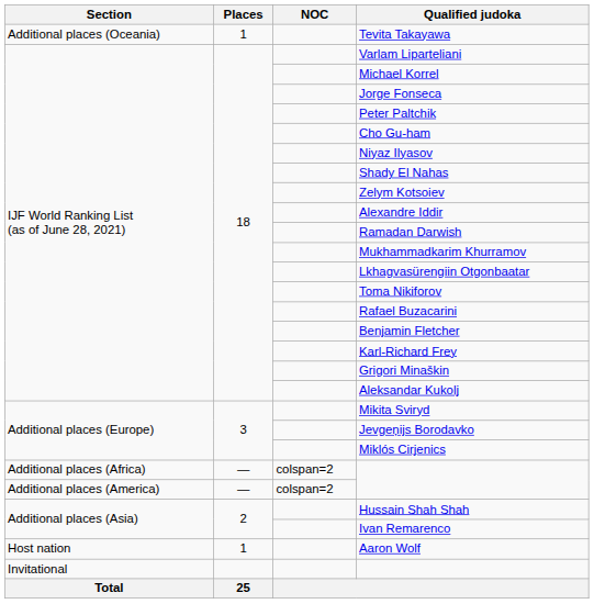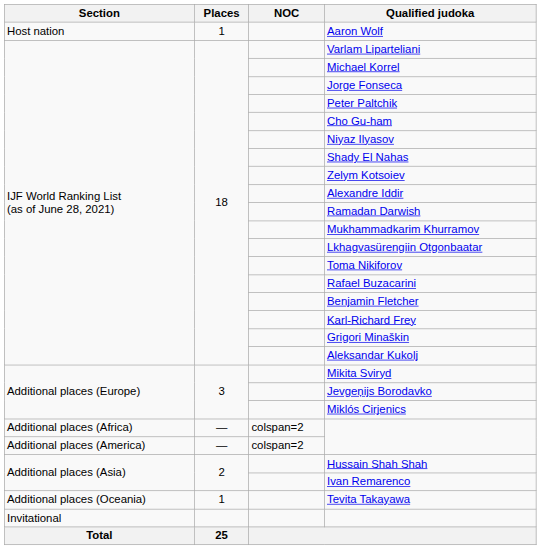 <table class="wikitable"  width=750>
 <tr>
 <th>Section</th>
 <th>Places</th>
 <th>NOC</th>
 <th>Qualified judoka</th>
 </tr>
 <tr>
-<td rowspan=1>Additional places (Oceania)</td>
-<td rowspan=1 align=center>1</td>
+<td>Host nation</td>
+<td align=center>1</td>
 <td></td>
-<td><a href='#'>Tevita Takayawa</a></td>
+<td><a href='#'>Aaron Wolf</a></td>
 </tr>
 <tr>
 <td rowspan=18>IJF World Ranking List<br>(as of June 28, 2021)</td>
 <td rowspan=18 align=center>18</td>
 <td></td>
 <td><a href='#'>Varlam Liparteliani</a></td>
 </tr>
 <tr>
 <td></td>
 <td><a href='#'>Michael Korrel</a></td>
 </tr>
 <tr>
 <td></td>
 <td><a href='#'>Jorge Fonseca</a></td>
 </tr>
 <tr>
 <td></td>
 <td><a href='#'>Peter Paltchik</a></td>
 </tr>
 <tr>
 <td></td>
 <td><a href='#'>Cho Gu-ham</a></td>
 </tr>
 <tr>
 <td></td>
 <td><a href='#'>Niyaz Ilyasov</a></td>
 </tr>
 <tr>
 <td></td>
 <td><a href='#'>Shady El Nahas</a></td>
 </tr>
 <tr>
 <td></td>
 <td><a href='#'>Zelym Kotsoiev</a></td>
 </tr>
 <tr>
 <td></td>
 <td><a href='#'>Alexandre Iddir</a></td>
 </tr>
 <tr>
 <td></td>
 <td><a href='#'>Ramadan Darwish</a></td>
 </tr>
 <tr>
 <td></td>
 <td><a href='#'>Mukhammadkarim Khurramov</a></td>
 </tr>
 <tr>
 <td></td>
 <td><a href='#'>Lkhagvasürengiin Otgonbaatar</a></td>
 </tr>
 <tr>
 <td></td>
 <td><a href='#'>Toma Nikiforov</a></td>
 </tr>
 <tr>
 <td></td>
 <td><a href='#'>Rafael Buzacarini</a></td>
 </tr>
 <tr>
 <td></td>
 <td><a href='#'>Benjamin Fletcher</a></td>
 </tr>
 <tr>
 <td></td>
 <td><a href='#'>Karl-Richard Frey</a></td>
 </tr>
 <tr>
 <td></td>
 <td><a href='#'>Grigori Minaškin</a></td>
 </tr>
 <tr>
 <td></td>
 <td><a href='#'>Aleksandar Kukolj</a></td>
 </tr>
 <tr>
 <td rowspan=3>Additional places (Europe)</td>
 <td rowspan=3 align=center>3</td>
 <td></td>
 <td><a href='#'>Mikita Sviryd</a></td>
 </tr>
 <tr>
 <td></td>
 <td><a href='#'>Jevgeņijs Borodavko</a></td>
 </tr>
 <tr>
 <td></td>
 <td><a href='#'>Miklós Cirjenics</a></td>
 </tr>
 <tr>
 <td>Additional places (Africa)</td>
 <td align=center>—</td>
 <td>colspan=2 </td>
 </tr>
 <tr>
 <td>Additional places (America)</td>
 <td align=center>—</td>
 <td>colspan=2 </td>
 </tr>
 <tr>
 <td rowspan=2>Additional places (Asia)</td>
 <td rowspan=2 align=center>2</td>
 <td></td>
 <td><a href='#'>Hussain Shah Shah</a></td>
 </tr>
 <tr>
 <td></td>
 <td><a href='#'>Ivan Remarenco</a></td>
 </tr>
 <tr>
-<td>Host nation</td>
-<td align=center>1</td>
+<td rowspan=1>Additional places (Oceania)</td>
+<td rowspan=1 align=center>1</td>
 <td></td>
-<td><a href='#'>Aaron Wolf</a></td>
+<td><a href='#'>Tevita Takayawa</a></td>
 </tr>
 <tr>
 <td>Invitational</td>
 <td align=center></td>
 <td></td>
 <td></td>
 </tr>
 <tr>
 <th>Total</th>
 <th>25</th>
 <th colspan=2></th>
 </tr>
 </table>
